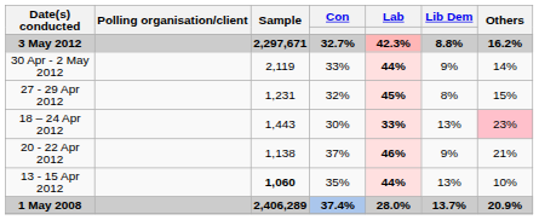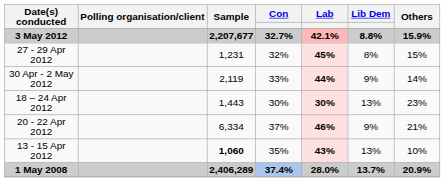 <table class="wikitable sortable" style="text-align:center;font-size:90%;line-height:14px">
 <tr>
 <th style="width:100px;" rowspan="2">Date(s)<br>conducted</th>
 <th style="width:180px;" rowspan="2">Polling organisation/client</th>
 <th style="width:60px;" rowspan="2">Sample</th>
 <th style="width:60px;" class="unsortable"><a href='#'>Con</a></th>
 <th style="width:60px;" class="unsortable"><a href='#'>Lab</a></th>
 <th style="width:60px;" class="unsortable"><a href='#'>Lib Dem</a></th>
 <th style="width:60px;" rowspan="2" class="unsortable">Others</th>
 </tr>
 <tr>
 <th class="unsortable" style="color:inherit;background:"></th>
 <th class="unsortable" style="color:inherit;background:"></th>
 <th class="unsortable" style="color:inherit;background:"></th>
 </tr>
 <tr>
 <td style="background:#ccc;"><strong>3 May 2012</strong></td>
 <td style="background:#ccc;"><strong></strong></td>
-<td style="background:#ccc;"><strong> 2,297,671</strong></td>
+<td style="background:#ccc;"><strong> 2,207,677</strong></td>
 <td style="background:#ccc;"><strong>32.7%</strong></td>
-<td style="background:#FFB6B6;"><strong>42.3%</strong></td>
+<td style="background:#FFB6B6;"><strong>42.1%</strong></td>
 <td style="background:#ccc;"><strong>8.8%</strong></td>
-<td style="background:#ccc;"><strong>16.2%</strong></td>
+<td style="background:#ccc;"><strong>15.9%</strong></td>
+</tr>
+<tr>
+<td>27 - 29 Apr 2012</td>
+<td></td>
+<td>1,231</td>
+<td>32%</td>
+<td style="background:#ffe0e0"><strong>45%</strong></td>
+<td>8%</td>
+<td>15%</td>
 </tr>
 <tr>
 <td>30 Apr - 2 May 2012</td>
 <td></td>
 <td>2,119</td>
 <td>33%</td>
 <td style="background:#ffe0e0"><strong>44%</strong></td>
 <td>9%</td>
 <td>14%</td>
 </tr>
 <tr>
-<td>27 - 29 Apr 2012</td>
-<td></td>
-<td>1,231</td>
-<td>32%</td>
-<td style="background:#ffe0e0"><strong>45%</strong></td>
-<td>8%</td>
-<td>15%</td>
-</tr>
-<tr>
 <td>18 – 24 Apr 2012</td>
 <td></td>
 <td>1,443</td>
 <td>30%</td>
-<td style="background:#ffe0e0"><strong>33%</strong></td>
+<td style="background:#ffe0e0"><strong>30%</strong></td>
 <td>13%</td>
-<td style="background: pink;">23%</td>
+<td>23%</td>
 </tr>
 <tr>
 <td>20 - 22 Apr 2012</td>
 <td></td>
-<td>1,138</td>
+<td>6,334</td>
 <td>37%</td>
 <td style="background:#ffe0e0"><strong>46%</strong></td>
 <td>9%</td>
 <td>21%</td>
 </tr>
 <tr>
 <td>13 - 15 Apr 2012</td>
 <td></td>
 <td><strong>1,060</strong></td>
 <td>35%</td>
-<td style="background:#ffe0e0"><strong>44%</strong></td>
+<td style="background:#ffe0e0"><strong>43%</strong></td>
 <td>13%</td>
 <td>10%</td>
 </tr>
 <tr>
 <td style="background:#ccc;"><strong>1 May 2008</strong></td>
 <td style="background:#ccc;"><strong></strong></td>
 <td style="background:#ccc;"><strong> 2,406,289</strong></td>
 <td style="background:#aac6ec;"><strong>37.4%</strong></td>
 <td style="background:#ccc;"><strong>28.0%</strong></td>
 <td style="background:#ccc;"><strong>13.7%</strong></td>
 <td style="background:#ccc;"><strong>20.9%</strong></td>
 </tr>
 <tr>
 </tr>
 </table>
